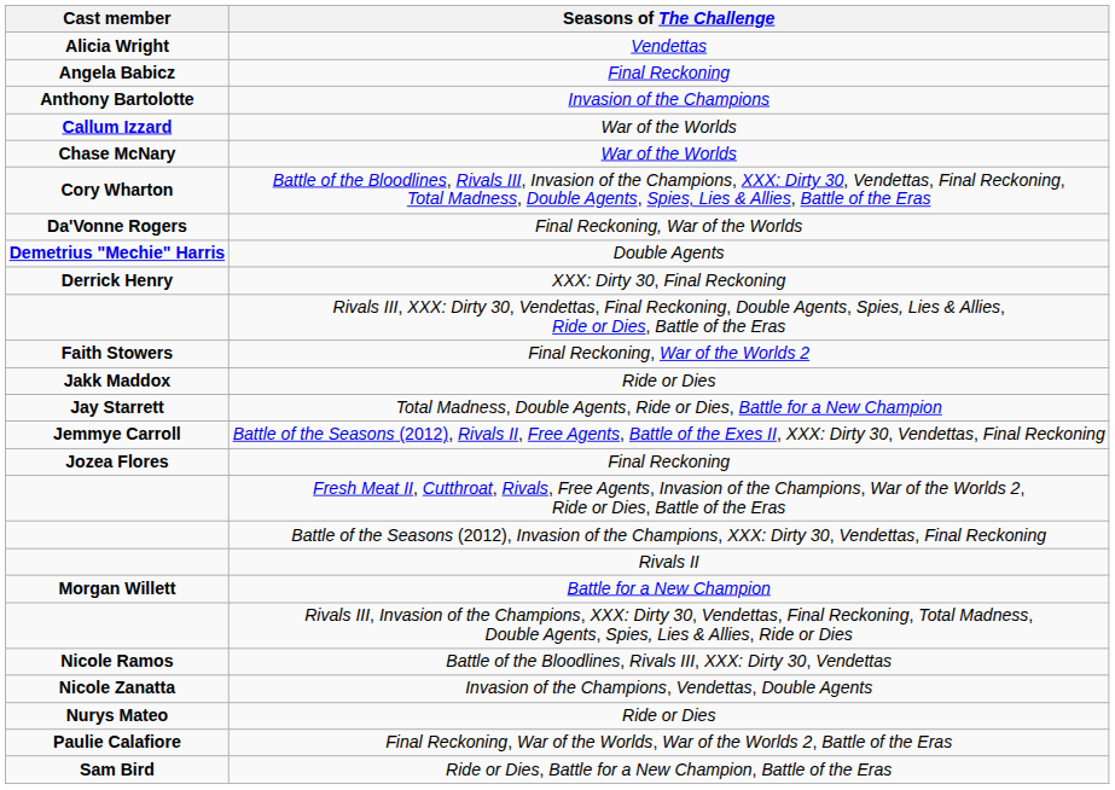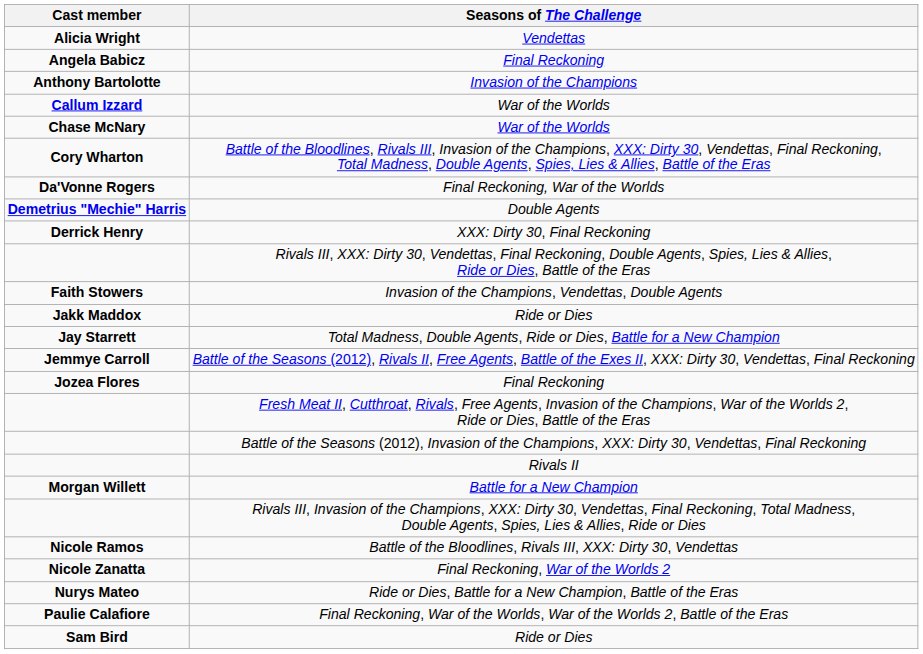 <table class="wikitable" style="text-align: center">
 <tr>
 <th nowrap>Cast member</th>
 <th nowrap>Seasons of <em><a href='#'>The Challenge</a></em></th>
 </tr>
 <tr>
 <td nowrap><strong>Alicia Wright</strong></td>
 <td><em><a href='#'>Vendettas</a></em></td>
 </tr>
 <tr>
 <td nowrap><strong>Angela Babicz</strong></td>
 <td><em><a href='#'>Final Reckoning</a></em></td>
 </tr>
 <tr>
 <td nowrap><strong>Anthony Bartolotte</strong></td>
 <td><em><a href='#'>Invasion of the Champions</a></em></td>
 </tr>
 <tr>
 <td nowrap><strong><a href='#'>Callum Izzard</a></strong></td>
 <td><em>War of the Worlds</em></td>
 </tr>
 <tr>
 <td nowrap><strong>Chase McNary</strong></td>
 <td><em><a href='#'>War of the Worlds</a></em></td>
 </tr>
 <tr>
 <td><strong>Cory Wharton</strong></td>
 <td><em><a href='#'>Battle of the Bloodlines</a></em>, <em><a href='#'>Rivals III</a></em>, <em>Invasion of the Champions</em>, <em><a href='#'>XXX: Dirty 30</a></em>, <em>Vendettas</em>, <em>Final Reckoning</em>,<br><em><a href='#'>Total Madness</a></em>, <em><a href='#'>Double Agents</a></em>, <em><a href='#'>Spies, Lies & Allies</a></em>, <em><a href='#'>Battle of the Eras</a></em></td>
 </tr>
 <tr>
 <td nowrap><strong>Da'Vonne Rogers</strong></td>
 <td><em>Final Reckoning, War of the Worlds</em></td>
 </tr>
 <tr>
 <td nowrap><strong><a href='#'>Demetrius "Mechie" Harris</a></strong></td>
 <td><em>Double Agents</em></td>
 </tr>
 <tr>
 <td nowrap><strong>Derrick Henry</strong></td>
 <td><em>XXX: Dirty 30</em>,  <em>Final Reckoning</em></td>
 </tr>
 <tr>
 <td><strong></strong></td>
 <td><em>Rivals III</em>, <em>XXX: Dirty 30</em>, <em>Vendettas</em>, <em>Final Reckoning</em>, <em>Double Agents</em>, <em>Spies, Lies & Allies</em>,<br><em><a href='#'>Ride or Dies</a></em>, <em>Battle of the Eras</em></td>
 </tr>
 <tr>
 <td nowrap><strong>Faith Stowers</strong></td>
-<td><em>Final Reckoning</em>, <em><a href='#'>War of the Worlds 2</a></em></td>
+<td><em>Invasion of the Champions</em>, <em>Vendettas</em>, <em>Double Agents</em></td>
 </tr>
 <tr>
 <td><strong>Jakk Maddox</strong></td>
 <td><em>Ride or Dies</em></td>
 </tr>
 <tr>
 <td nowrap><strong>Jay Starrett</strong></td>
 <td><em>Total Madness</em>, <em>Double Agents</em>, <em>Ride or Dies</em>, <em><a href='#'>Battle for a New Champion</a></em></td>
 </tr>
 <tr>
 <td><strong>Jemmye Carroll</strong></td>
 <td><a href='#'><em>Battle of the Seasons</em> (2012)</a>, <em><a href='#'>Rivals II</a></em>, <em><a href='#'>Free Agents</a></em>, <em><a href='#'>Battle of the Exes II</a></em>, <em>XXX: Dirty 30</em>, <em>Vendettas</em>, <em>Final Reckoning</em></td>
 </tr>
 <tr>
 <td><strong>Jozea Flores</strong></td>
 <td><em>Final Reckoning</em></td>
 </tr>
 <tr>
 <td><strong></strong></td>
 <td><em><a href='#'>Fresh Meat II</a></em>, <em><a href='#'>Cutthroat</a></em>, <em><a href='#'>Rivals</a></em>, <em>Free Agents</em>, <em>Invasion of the Champions</em>, <em>War of the Worlds 2</em>,<br><em>Ride or Dies</em>, <em>Battle of the Eras</em></td>
 </tr>
 <tr>
 <td><strong></strong></td>
 <td><em>Battle of the Seasons</em> (2012), <em>Invasion of the Champions</em>, <em>XXX: Dirty 30</em>, <em>Vendettas</em>, <em>Final Reckoning</em></td>
 </tr>
 <tr>
 <td><strong></strong></td>
 <td><em>Rivals II</em></td>
 </tr>
 <tr>
 <td nowrap><strong>Morgan Willett</strong></td>
 <td><em><a href='#'>Battle for a New Champion</a></em></td>
 </tr>
 <tr>
 <td><strong></strong></td>
 <td><em>Rivals III</em>, <em>Invasion of the Champions</em>, <em>XXX: Dirty 30</em>, <em>Vendettas</em>, <em>Final Reckoning</em>, <em>Total Madness</em>,<br><em>Double Agents</em>, <em>Spies, Lies & Allies</em>, <em>Ride or Dies</em></td>
 </tr>
 <tr>
 <td nowrap><strong>Nicole Ramos</strong></td>
 <td><em>Battle of the Bloodlines</em>, <em>Rivals III</em>, <em>XXX: Dirty 30</em>, <em>Vendettas</em></td>
 </tr>
 <tr>
 <td nowrap><strong>Nicole Zanatta</strong></td>
-<td><em>Invasion of the Champions</em>, <em>Vendettas</em>, <em>Double Agents</em></td>
+<td><em>Final Reckoning</em>, <em><a href='#'>War of the Worlds 2</a></em></td>
 </tr>
 <tr>
 <td nowrap><strong>Nurys Mateo</strong></td>
-<td><em>Ride or Dies</em></td>
+<td><em>Ride or Dies</em>, <em>Battle for a New Champion</em>, <em>Battle of the Eras</em></td>
 </tr>
 <tr>
 <td nowrap><strong>Paulie Calafiore</strong></td>
 <td><em>Final Reckoning</em>, <em>War of the Worlds</em>, <em>War of the Worlds 2</em>, <em>Battle of the Eras</em></td>
 </tr>
 <tr>
 <td nowrap><strong>Sam Bird</strong></td>
-<td><em>Ride or Dies</em>, <em>Battle for a New Champion</em>, <em>Battle of the Eras</em></td>
+<td><em>Ride or Dies</em></td>
 </tr>
 </table>
